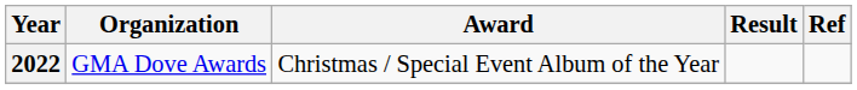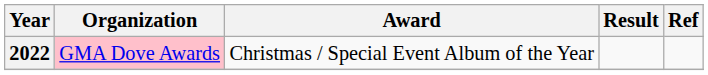 <table class="wikitable plainrowheaders">
 <tr>
 <th>Year</th>
 <th>Organization</th>
 <th>Award</th>
 <th>Result</th>
 <th>Ref</th>
 </tr>
 <tr>
 <th scope="row">2022</th>
-<td><a href='#'>GMA Dove Awards</a></td>
+<td style="background: pink;"><a href='#'>GMA Dove Awards</a></td>
 <td>Christmas / Special Event Album of the Year</td>
 <td></td>
 <td></td>
 </tr>
 <tr>
 </tr>
 </table>
